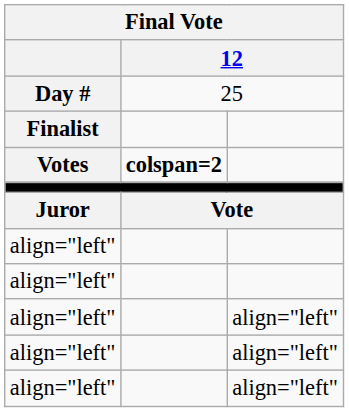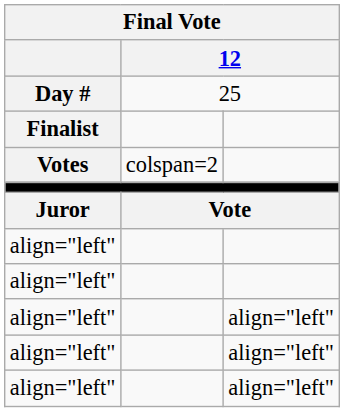 <table class="wikitable nowrap" style="text-align:center; font-size:100%">
 <tr>
 <th colspan=4>Final Vote</th>
 </tr>
 <tr>
 <th></th>
 <th colspan=2><a href='#'>12</a></th>
 </tr>
 <tr>
 <th>Day #</th>
 <td colspan=2>25</td>
 </tr>
 <tr>
 <th>Finalist</th>
 <td></td>
 <td></td>
 </tr>
 <tr>
 <th>Votes</th>
-<td><strong>colspan=2 </strong></td>
+<td>colspan=2 </td>
 </tr>
 <tr>
 <td style="background:black;" colspan="3"></td>
 </tr>
 <tr>
 <th>Juror</th>
 <th colspan=4>Vote</th>
 </tr>
 <tr>
 <td>align="left" </td>
 <td></td>
 <td></td>
 </tr>
 <tr>
 <td>align="left" </td>
 <td></td>
 <td></td>
 </tr>
 <tr>
 <td>align="left" </td>
 <td></td>
 <td>align="left" </td>
 </tr>
 <tr>
 <td>align="left" </td>
 <td></td>
 <td>align="left" </td>
 </tr>
 <tr>
 <td>align="left" </td>
 <td></td>
 <td>align="left" </td>
 </tr>
 </table>
